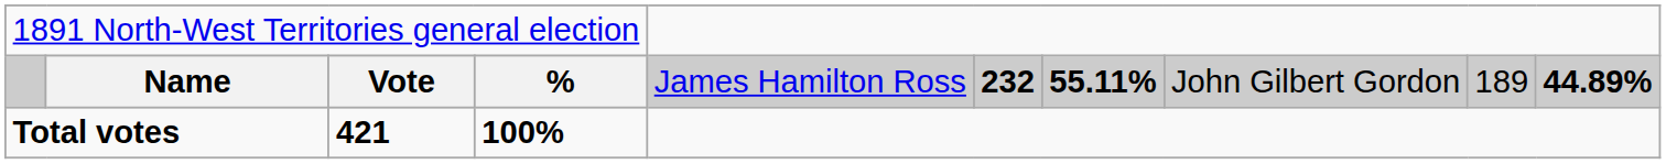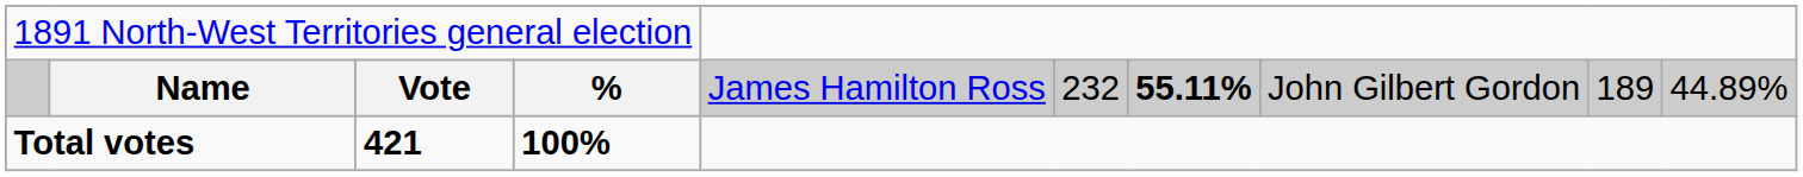 <table class="wikitable">
 <tr>
 <td colspan=4 align=center><a href='#'>1891 North-West Territories general election</a></td>
 </tr>
 <tr bgcolor="CCCCCC">
 <td></td>
 <th>Name</th>
 <th>Vote</th>
 <th>%<br></th>
 <td><a href='#'>James Hamilton Ross</a></td>
-<td><strong>232</strong></td>
+<td>232</td>
 <td><strong>55.11%<br></strong></td>
 <td>John Gilbert Gordon</td>
 <td>189</td>
-<td><strong>44.89%</strong></td>
+<td>44.89%</td>
 </tr>
 <tr>
 <td colspan=2><strong>Total votes</strong></td>
 <td><strong>421</strong></td>
 <td alignment="left"><strong>100%</strong></td>
 </tr>
 </table>
